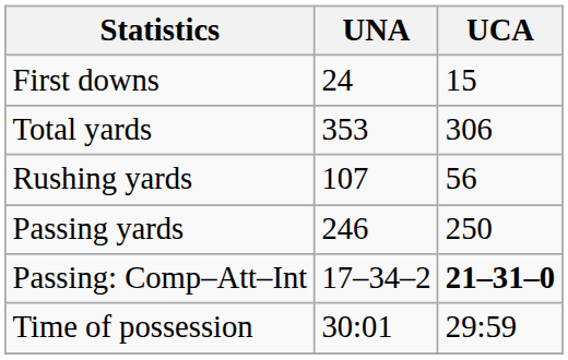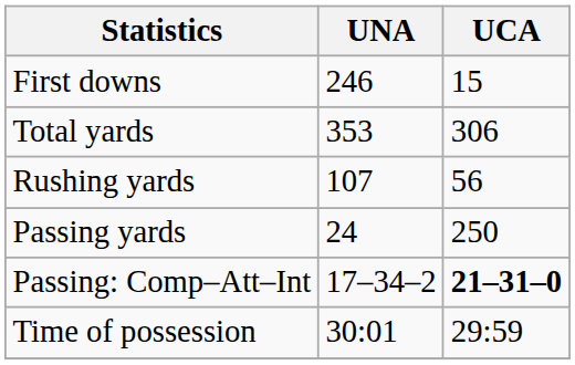 <table class="wikitable" style="float: left;">
 <tr>
 <th>Statistics</th>
 <th>UNA</th>
 <th>UCA</th>
 </tr>
 <tr>
 <td>First downs</td>
-<td>24</td>
+<td>246</td>
 <td>15</td>
 </tr>
 <tr>
 <td>Total yards</td>
 <td>353</td>
 <td>306</td>
 </tr>
 <tr>
 <td>Rushing yards</td>
 <td>107</td>
 <td>56</td>
 </tr>
 <tr>
 <td>Passing yards</td>
-<td>246</td>
+<td>24</td>
 <td>250</td>
 </tr>
 <tr>
 <td>Passing: Comp–Att–Int</td>
 <td>17–34–2</td>
 <td><strong>21–31–0</strong></td>
 </tr>
 <tr>
 <td>Time of possession</td>
 <td>30:01</td>
 <td>29:59</td>
 </tr>
 <tr>
 </tr>
 </table>
